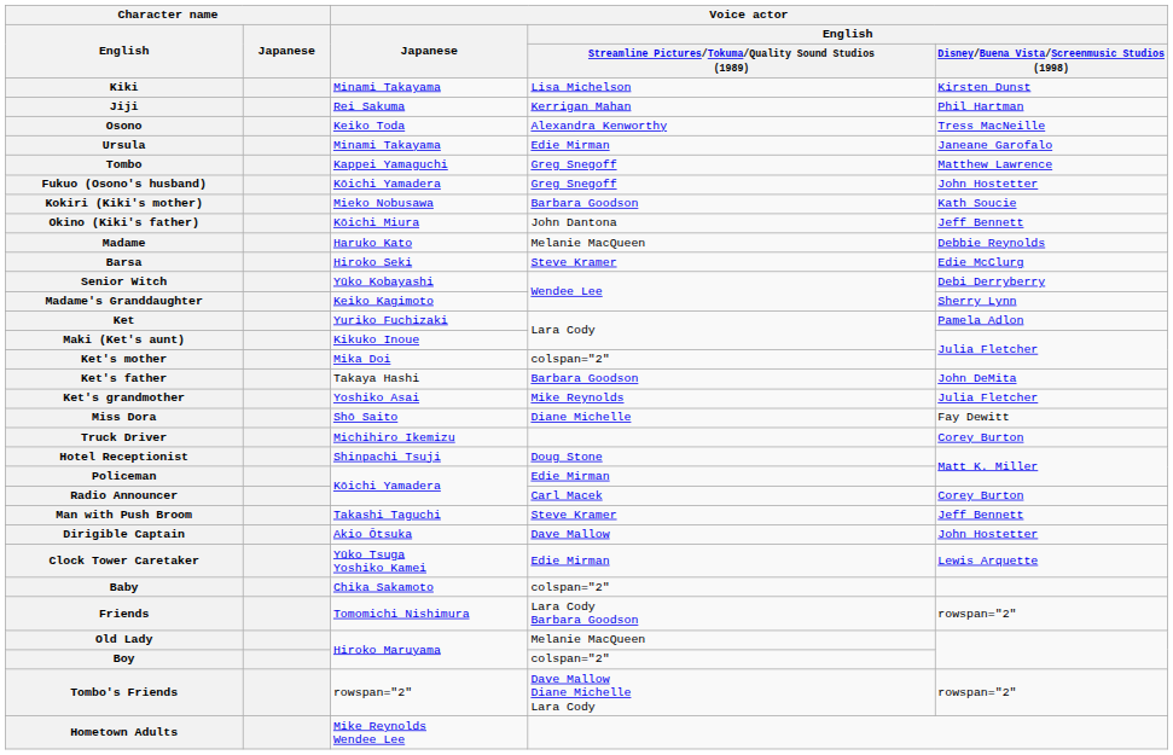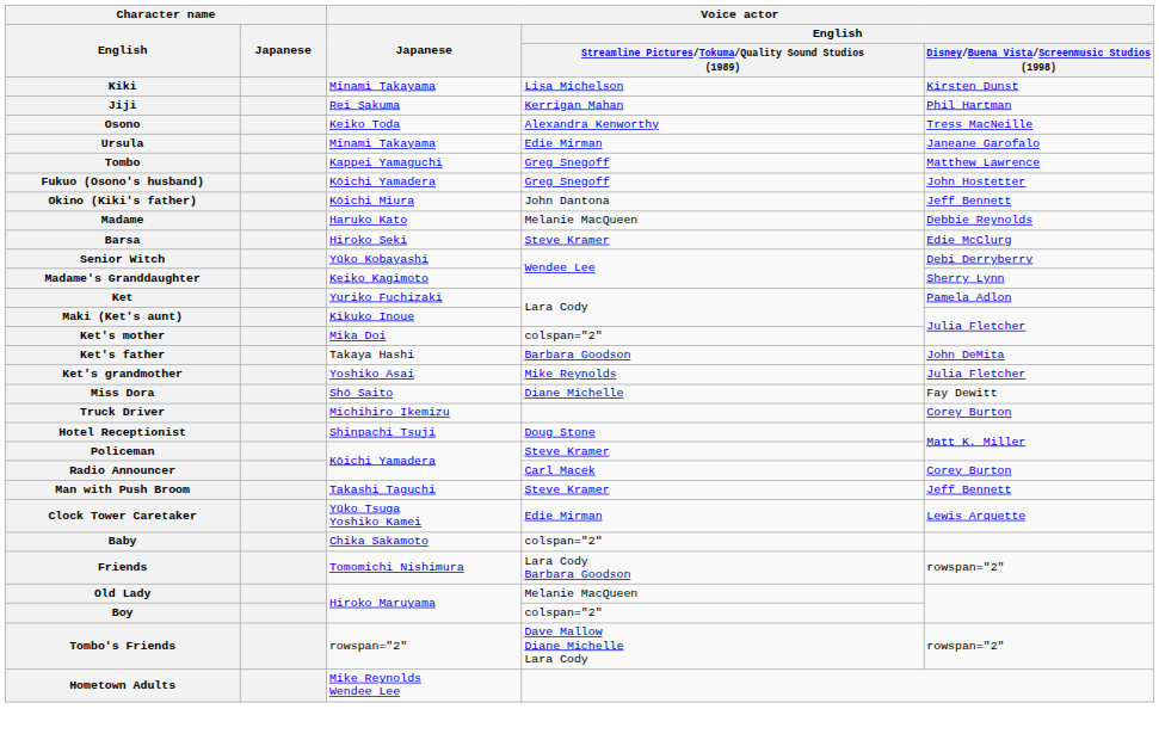 <table class="wikitable plainrowheaders">
 <tr>
 <th colspan="2">Character name</th>
 <th colspan="3">Voice actor</th>
 </tr>
 <tr>
 <th rowspan="2">English</th>
 <th rowspan="2">Japanese</th>
 <th rowspan="2">Japanese</th>
 <th colspan="2">English</th>
 </tr>
 <tr>
 <th><small><a href='#'>Streamline Pictures</a>/<a href='#'>Tokuma</a>/Quality Sound Studios<br>(1989)</small></th>
 <th width="20%"><small><a href='#'>Disney</a>/<a href='#'>Buena Vista</a>/<a href='#'>Screenmusic Studios</a><br>(1998)</small></th>
 </tr>
 <tr>
 <th scope="row">Kiki</th>
 <th scope="row"></th>
 <td><a href='#'>Minami Takayama</a></td>
 <td><a href='#'>Lisa Michelson</a></td>
 <td><a href='#'>Kirsten Dunst</a></td>
 </tr>
 <tr>
 <th scope="row">Jiji</th>
 <th scope="row"></th>
 <td><a href='#'>Rei Sakuma</a></td>
 <td><a href='#'>Kerrigan Mahan</a></td>
 <td><a href='#'>Phil Hartman</a></td>
 </tr>
 <tr>
 <th scope="row">Osono</th>
 <th scope="row"></th>
 <td><a href='#'>Keiko Toda</a></td>
 <td><a href='#'>Alexandra Kenworthy</a></td>
 <td><a href='#'>Tress MacNeille</a></td>
 </tr>
 <tr>
 <th scope="row">Ursula</th>
 <th scope="row"></th>
 <td><a href='#'>Minami Takayama</a></td>
 <td><a href='#'>Edie Mirman</a></td>
 <td><a href='#'>Janeane Garofalo</a></td>
 </tr>
 <tr>
 <th scope="row">Tombo</th>
 <th scope="row"></th>
 <td><a href='#'>Kappei Yamaguchi</a></td>
 <td><a href='#'>Greg Snegoff</a></td>
 <td><a href='#'>Matthew Lawrence</a></td>
 </tr>
 <tr>
 <th scope="row">Fukuo (Osono's husband)</th>
 <th scope="row"></th>
 <td><a href='#'>Kōichi Yamadera</a></td>
 <td><a href='#'>Greg Snegoff</a></td>
 <td><a href='#'>John Hostetter</a></td>
-</tr>
-<tr>
-<th scope="row">Kokiri (Kiki's mother)</th>
-<th scope="row"></th>
-<td><a href='#'>Mieko Nobusawa</a></td>
-<td><a href='#'>Barbara Goodson</a></td>
-<td><a href='#'>Kath Soucie</a></td>
 </tr>
 <tr>
 <th scope="row">Okino (Kiki's father)</th>
 <th scope="row"></th>
 <td><a href='#'>Kōichi Miura</a></td>
 <td>John Dantona</td>
 <td><a href='#'>Jeff Bennett</a></td>
 </tr>
 <tr>
 <th scope="row">Madame</th>
 <th scope="row"></th>
 <td><a href='#'>Haruko Kato</a></td>
 <td>Melanie MacQueen</td>
 <td><a href='#'>Debbie Reynolds</a></td>
 </tr>
 <tr>
 <th scope="row">Barsa</th>
 <th scope="row"></th>
 <td><a href='#'>Hiroko Seki</a></td>
 <td><a href='#'>Steve Kramer</a></td>
 <td><a href='#'>Edie McClurg</a></td>
 </tr>
 <tr>
 <th scope="row">Senior Witch</th>
 <th scope="row"></th>
 <td><a href='#'>Yūko Kobayashi</a></td>
 <td rowspan="2"><a href='#'>Wendee Lee</a></td>
 <td><a href='#'>Debi Derryberry</a></td>
 </tr>
 <tr>
 <th scope="row">Madame's Granddaughter</th>
 <th scope="row"></th>
 <td><a href='#'>Keiko Kagimoto</a></td>
 <td><a href='#'>Sherry Lynn</a></td>
 </tr>
 <tr>
 <th scope="row">Ket</th>
 <th scope="row"></th>
 <td><a href='#'>Yuriko Fuchizaki</a></td>
 <td rowspan="2">Lara Cody</td>
 <td><a href='#'>Pamela Adlon</a></td>
 </tr>
 <tr>
 <th scope="row">Maki (Ket's aunt)</th>
 <th scope="row"></th>
 <td><a href='#'>Kikuko Inoue</a></td>
 <td rowspan="2"><a href='#'>Julia Fletcher</a></td>
 </tr>
 <tr>
 <th scope="row">Ket's mother</th>
 <th scope="row"></th>
 <td><a href='#'>Mika Doi</a></td>
 <td>colspan="2"</td>
 </tr>
 <tr>
 <th scope="row">Ket's father</th>
 <th scope="row"></th>
 <td>Takaya Hashi</td>
 <td><a href='#'>Barbara Goodson</a></td>
 <td><a href='#'>John DeMita</a></td>
 </tr>
 <tr>
 <th scope="row">Ket's grandmother</th>
 <th scope="row"></th>
 <td><a href='#'>Yoshiko Asai</a></td>
 <td><a href='#'>Mike Reynolds</a></td>
 <td><a href='#'>Julia Fletcher</a></td>
 </tr>
 <tr>
 <th scope="row">Miss Dora</th>
 <th scope="row"></th>
 <td><a href='#'>Shō Saito</a></td>
 <td><a href='#'>Diane Michelle</a></td>
 <td>Fay Dewitt</td>
 </tr>
 <tr>
 <th scope="row">Truck Driver</th>
 <th scope="row"></th>
 <td><a href='#'>Michihiro Ikemizu</a></td>
 <td></td>
 <td><a href='#'>Corey Burton</a></td>
 </tr>
 <tr>
 <th scope="row">Hotel Receptionist</th>
 <th scope="row"></th>
 <td><a href='#'>Shinpachi Tsuji</a></td>
 <td><a href='#'>Doug Stone</a></td>
 <td rowspan="2"><a href='#'>Matt K. Miller</a></td>
 </tr>
 <tr>
 <th scope="row">Policeman</th>
 <th scope="row"></th>
 <td rowspan="2"><a href='#'>Kōichi Yamadera</a></td>
-<td><a href='#'>Edie Mirman</a></td>
+<td><a href='#'>Steve Kramer</a></td>
 </tr>
 <tr>
 <th scope="row">Radio Announcer</th>
 <th scope="row"></th>
 <td><a href='#'>Carl Macek</a></td>
 <td><a href='#'>Corey Burton</a></td>
 </tr>
 <tr>
 <th scope="row">Man with Push Broom</th>
 <th scope="row"></th>
 <td><a href='#'>Takashi Taguchi</a></td>
 <td><a href='#'>Steve Kramer</a></td>
 <td><a href='#'>Jeff Bennett</a></td>
-</tr>
-<tr>
-<th scope="row">Dirigible Captain</th>
-<th scope="row"></th>
-<td><a href='#'>Akio Ōtsuka</a></td>
-<td><a href='#'>Dave Mallow</a></td>
-<td><a href='#'>John Hostetter</a></td>
 </tr>
 <tr>
 <th scope="row">Clock Tower Caretaker</th>
 <th scope="row"></th>
 <td><a href='#'>Yūko Tsuga</a><br><a href='#'>Yoshiko Kamei</a></td>
 <td><a href='#'>Edie Mirman</a></td>
 <td><a href='#'>Lewis Arquette</a></td>
 </tr>
 <tr>
 <th scope="row">Baby</th>
 <th scope="row"></th>
 <td><a href='#'>Chika Sakamoto</a></td>
 <td>colspan="2"</td>
 </tr>
 <tr>
 <th scope="row">Friends</th>
 <th scope="row"></th>
 <td><a href='#'>Tomomichi Nishimura</a></td>
 <td>Lara Cody<br><a href='#'>Barbara Goodson</a></td>
 <td>rowspan="2"</td>
 </tr>
 <tr>
 <th scope="row">Old Lady</th>
 <th scope="row"></th>
 <td rowspan="2"><a href='#'>Hiroko Maruyama</a></td>
 <td>Melanie MacQueen</td>
 </tr>
 <tr>
 <th scope="row">Boy</th>
 <th scope="row"></th>
 <td>colspan="2"</td>
 </tr>
 <tr>
 <th scope="row">Tombo's Friends</th>
 <th scope="row"></th>
 <td>rowspan="2"</td>
 <td><a href='#'>Dave Mallow</a><br><a href='#'>Diane Michelle</a><br>Lara Cody</td>
 <td>rowspan="2"</td>
 </tr>
 <tr>
 <th scope="row">Hometown Adults</th>
 <th scope="row"></th>
 <td><a href='#'>Mike Reynolds</a><br><a href='#'>Wendee Lee</a></td>
 </tr>
 </table>
